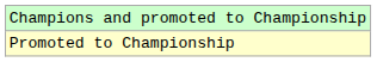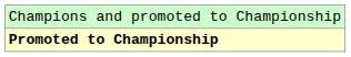 <table class="wikitable">
 <tr width=10px bgcolor="#ccffcc">
 <td>Champions and promoted to Championship</td>
 </tr>
 <tr width=10px bgcolor="#FFFFCC">
-<td>Promoted to Championship</td>
+<td><strong>Promoted to Championship</strong></td>
 </tr>
 </table>
